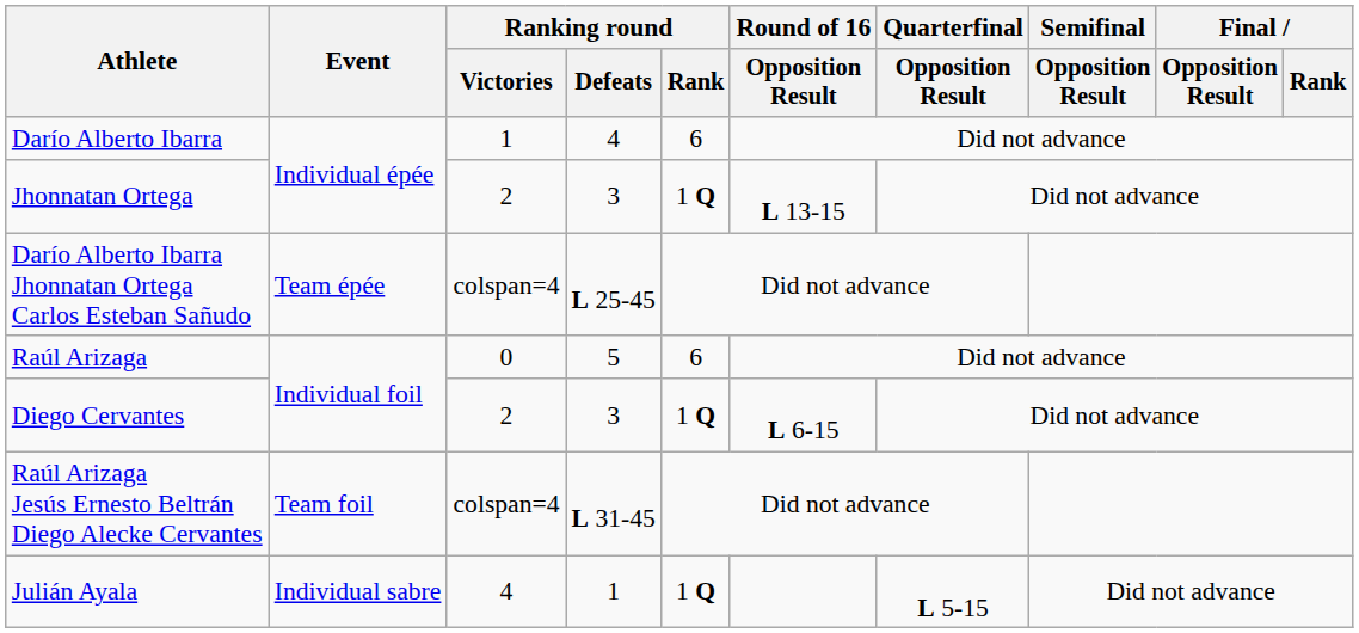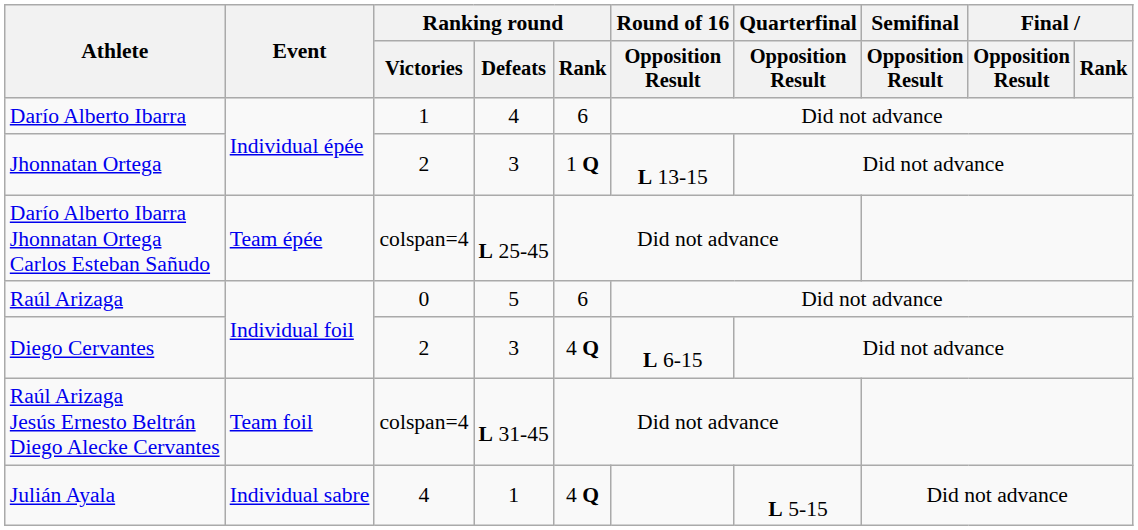 <table class=wikitable style=font-size:90%;text-align:center>
 <tr>
 <th rowspan=2>Athlete</th>
 <th rowspan=2>Event</th>
 <th colspan=3>Ranking round</th>
 <th>Round of 16</th>
 <th>Quarterfinal</th>
 <th>Semifinal</th>
 <th colspan=2>Final / </th>
 </tr>
 <tr style=font-size:95%>
 <th>Victories</th>
 <th>Defeats</th>
 <th>Rank</th>
 <th>Opposition<br>Result</th>
 <th>Opposition<br>Result</th>
 <th>Opposition<br>Result</th>
 <th>Opposition<br>Result</th>
 <th>Rank</th>
 </tr>
 <tr>
 <td align=left><a href='#'>Darío Alberto Ibarra</a></td>
 <td align=left rowspan=2><a href='#'>Individual épée</a></td>
 <td>1</td>
 <td>4</td>
 <td>6</td>
 <td colspan=5>Did not advance</td>
 </tr>
 <tr>
 <td align=left><a href='#'>Jhonnatan Ortega</a></td>
 <td>2</td>
 <td>3</td>
 <td>1 <strong>Q</strong></td>
 <td><br><strong>L</strong> 13-15</td>
 <td colspan=4>Did not advance</td>
 </tr>
 <tr>
 <td align=left><a href='#'>Darío Alberto Ibarra</a><br><a href='#'>Jhonnatan Ortega</a><br><a href='#'>Carlos Esteban Sañudo</a></td>
 <td align=left><a href='#'>Team épée</a></td>
 <td>colspan=4 </td>
 <td><br><strong>L</strong> 25-45</td>
 <td colspan=3>Did not advance</td>
 </tr>
 <tr>
 <td align=left><a href='#'>Raúl Arizaga</a></td>
 <td align=left rowspan=2><a href='#'>Individual foil</a></td>
 <td>0</td>
 <td>5</td>
 <td>6</td>
 <td colspan=5>Did not advance</td>
 </tr>
 <tr>
 <td align=left><a href='#'>Diego Cervantes</a></td>
 <td>2</td>
 <td>3</td>
-<td>1 <strong>Q</strong></td>
+<td>4 <strong>Q</strong></td>
 <td><br><strong>L</strong> 6-15</td>
 <td colspan=4>Did not advance</td>
 </tr>
 <tr>
 <td align=left><a href='#'>Raúl Arizaga</a><br><a href='#'>Jesús Ernesto Beltrán</a><br><a href='#'>Diego Alecke Cervantes</a></td>
 <td align=left><a href='#'>Team foil</a></td>
 <td>colspan=4 </td>
 <td><br><strong>L</strong> 31-45</td>
 <td colspan=3>Did not advance</td>
 </tr>
 <tr>
 <td align=left><a href='#'>Julián Ayala</a></td>
 <td align="left"><a href='#'>Individual sabre</a></td>
 <td>4</td>
 <td>1</td>
-<td>1 <strong>Q</strong></td>
+<td>4 <strong>Q</strong></td>
 <td></td>
 <td><br><strong>L</strong> 5-15</td>
 <td colspan=3>Did not advance</td>
 </tr>
 </table>
